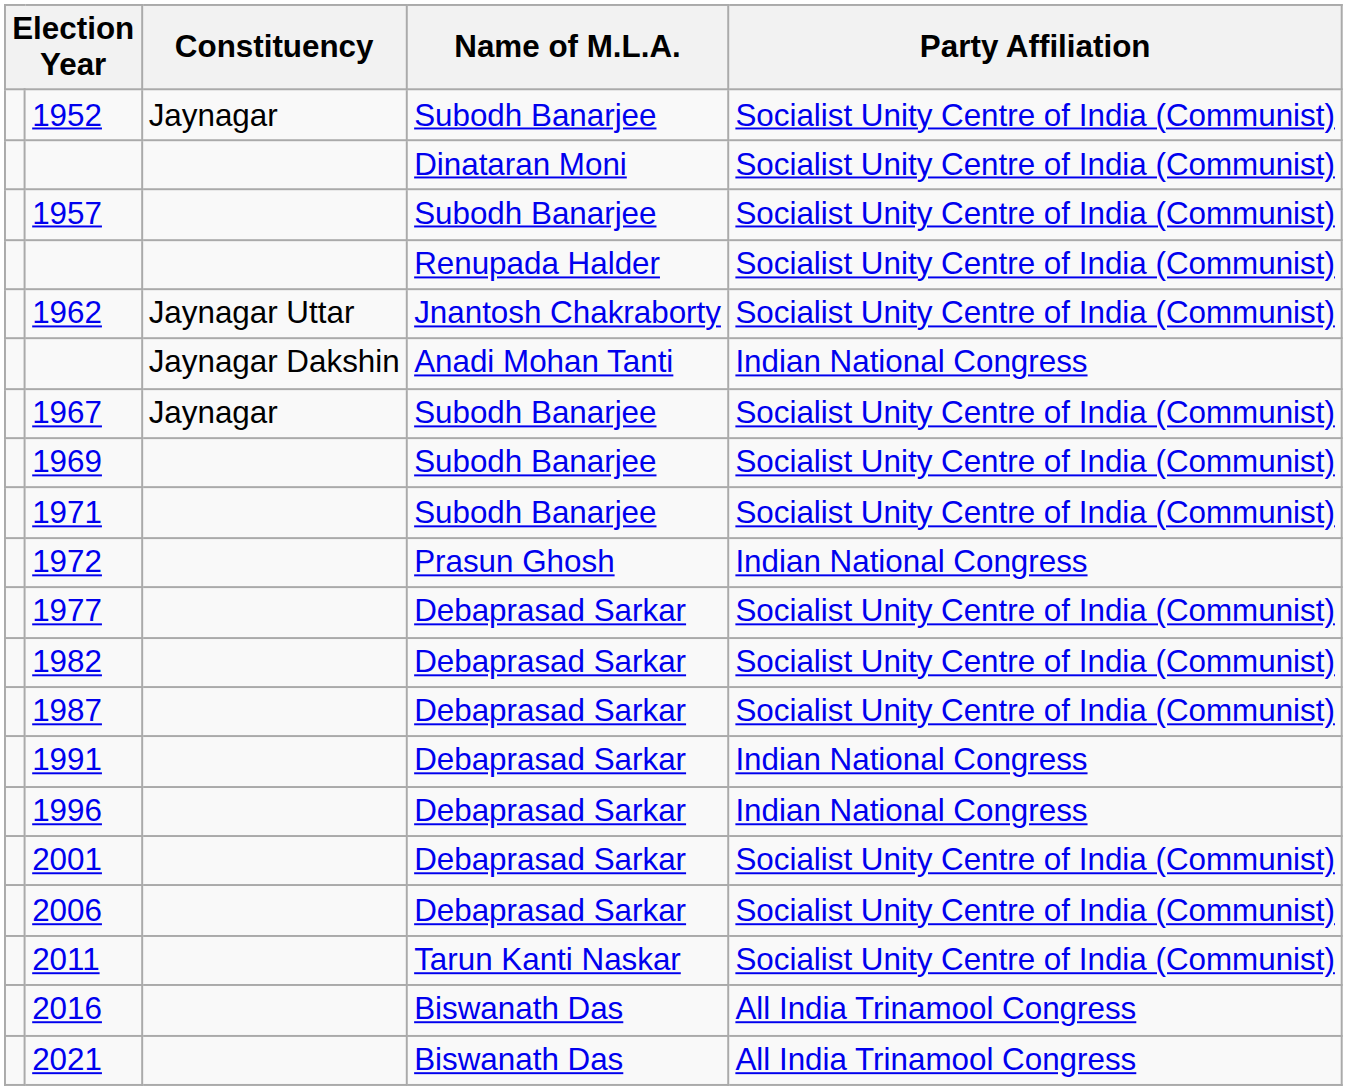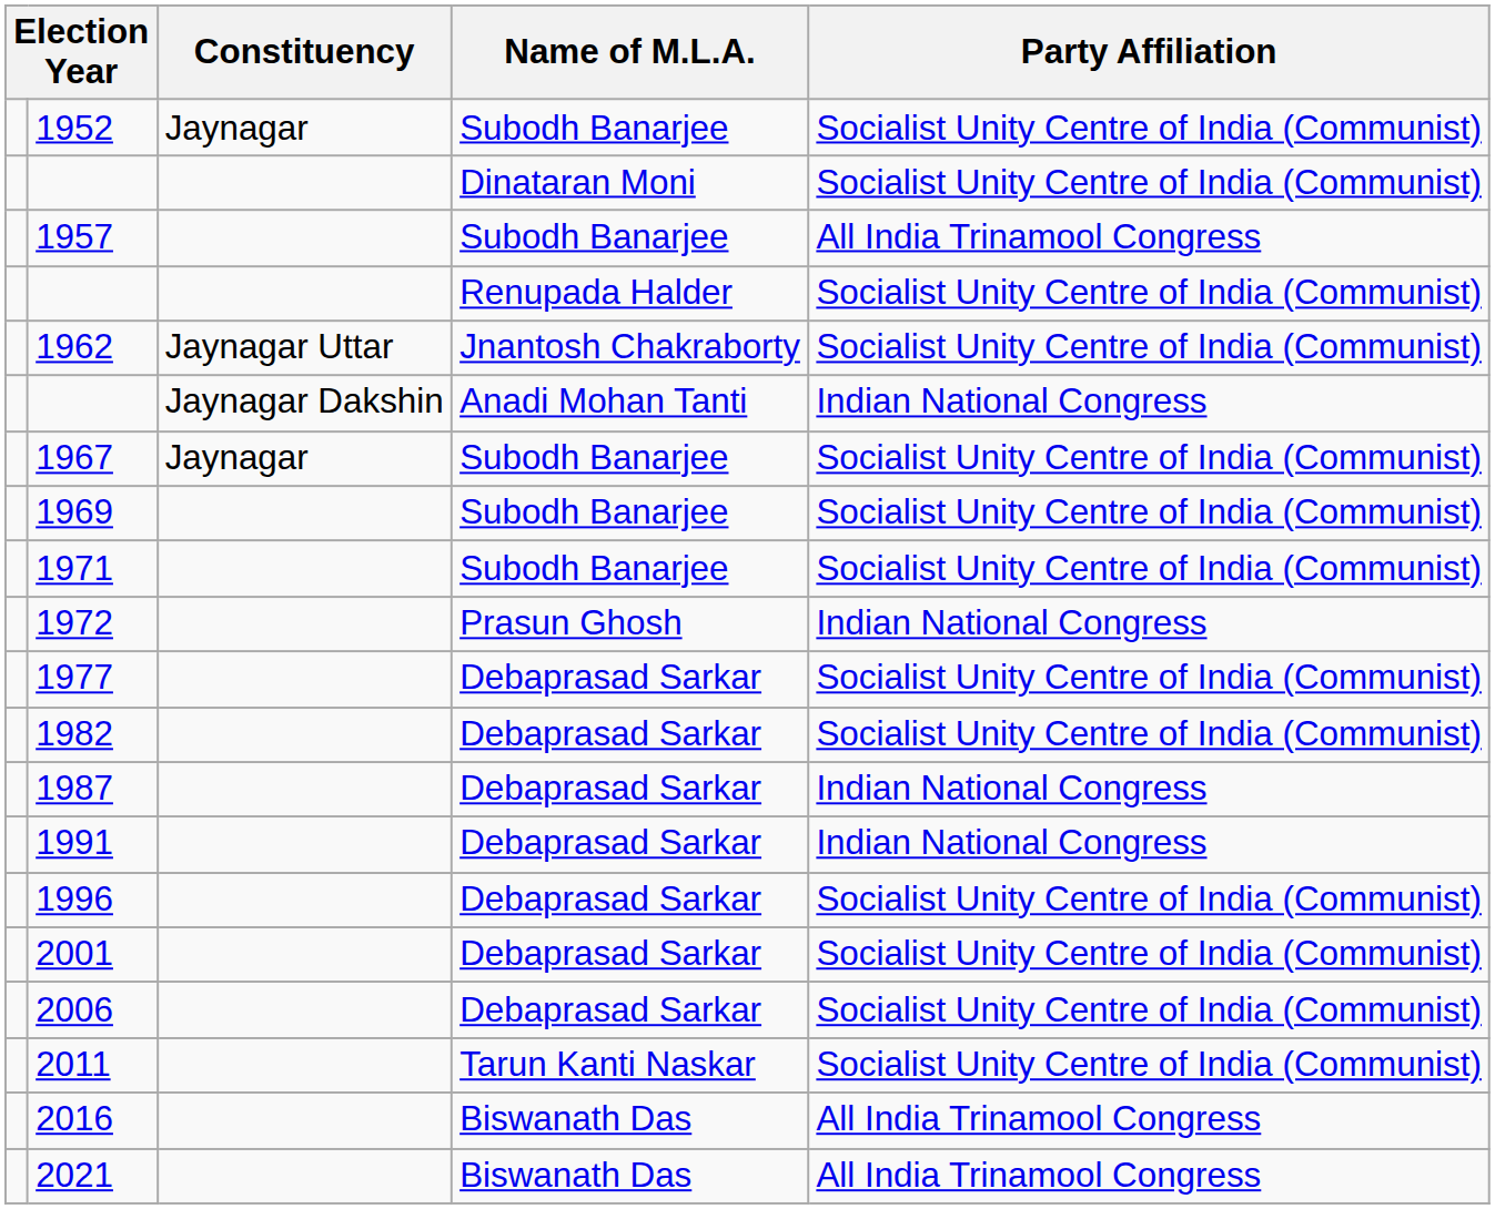 <table class="wikitable sortable">
 <tr>
 <th colspan="2">Election<br>Year</th>
 <th>Constituency</th>
 <th>Name of M.L.A.</th>
 <th>Party Affiliation</th>
 </tr>
 <tr>
 <td style="background-color: "></td>
 <td><a href='#'>1952</a></td>
 <td>Jaynagar</td>
 <td><a href='#'>Subodh Banarjee</a></td>
 <td><a href='#'>Socialist Unity Centre of India (Communist)</a></td>
 </tr>
 <tr>
 <td style="background-color: "></td>
 <td></td>
 <td></td>
 <td><a href='#'>Dinataran Moni</a></td>
 <td><a href='#'>Socialist Unity Centre of India (Communist)</a></td>
 </tr>
 <tr>
 <td style="background-color: "></td>
 <td><a href='#'>1957</a></td>
 <td></td>
 <td><a href='#'>Subodh Banarjee</a></td>
-<td><a href='#'>Socialist Unity Centre of India (Communist)</a></td>
+<td><a href='#'>All India Trinamool Congress</a></td>
 </tr>
 <tr>
 <td style="background-color: "></td>
 <td></td>
 <td></td>
 <td><a href='#'>Renupada Halder</a></td>
 <td><a href='#'>Socialist Unity Centre of India (Communist)</a></td>
 </tr>
 <tr>
 <td style="background-color: "></td>
 <td><a href='#'>1962</a></td>
 <td>Jaynagar Uttar</td>
 <td><a href='#'>Jnantosh Chakraborty</a></td>
 <td><a href='#'>Socialist Unity Centre of India (Communist)</a></td>
 </tr>
 <tr>
 <td style="background-color: "></td>
 <td></td>
 <td>Jaynagar Dakshin</td>
 <td><a href='#'>Anadi Mohan Tanti</a></td>
 <td><a href='#'>Indian National Congress</a></td>
 </tr>
 <tr>
 <td style="background-color: "></td>
 <td><a href='#'>1967</a></td>
 <td>Jaynagar</td>
 <td><a href='#'>Subodh Banarjee</a></td>
 <td><a href='#'>Socialist Unity Centre of India (Communist)</a></td>
 </tr>
 <tr>
 <td style="background-color: "></td>
 <td><a href='#'>1969</a></td>
 <td></td>
 <td><a href='#'>Subodh Banarjee</a></td>
 <td><a href='#'>Socialist Unity Centre of India (Communist)</a></td>
 </tr>
 <tr>
 <td style="background-color: "></td>
 <td><a href='#'>1971</a></td>
 <td></td>
 <td><a href='#'>Subodh Banarjee</a></td>
 <td><a href='#'>Socialist Unity Centre of India (Communist)</a></td>
 </tr>
 <tr>
 <td style="background-color: "></td>
 <td><a href='#'>1972</a></td>
 <td></td>
 <td><a href='#'>Prasun Ghosh</a></td>
 <td><a href='#'>Indian National Congress</a></td>
 </tr>
 <tr>
 <td style="background-color: "></td>
 <td><a href='#'>1977</a></td>
 <td></td>
 <td><a href='#'>Debaprasad Sarkar</a></td>
 <td><a href='#'>Socialist Unity Centre of India (Communist)</a></td>
 </tr>
 <tr>
 <td style="background-color: "></td>
 <td><a href='#'>1982</a></td>
 <td></td>
 <td><a href='#'>Debaprasad Sarkar</a></td>
 <td><a href='#'>Socialist Unity Centre of India (Communist)</a></td>
 </tr>
 <tr>
 <td style="background-color: "></td>
 <td><a href='#'>1987</a></td>
 <td></td>
 <td><a href='#'>Debaprasad Sarkar</a></td>
-<td><a href='#'>Socialist Unity Centre of India (Communist)</a></td>
+<td><a href='#'>Indian National Congress</a></td>
 </tr>
 <tr>
 <td style="background-color: "></td>
 <td><a href='#'>1991</a></td>
 <td></td>
 <td><a href='#'>Debaprasad Sarkar</a></td>
 <td><a href='#'>Indian National Congress</a></td>
 </tr>
 <tr>
 <td style="background-color: "></td>
 <td><a href='#'>1996</a></td>
 <td></td>
 <td><a href='#'>Debaprasad Sarkar</a></td>
-<td><a href='#'>Indian National Congress</a></td>
+<td><a href='#'>Socialist Unity Centre of India (Communist)</a></td>
 </tr>
 <tr>
 <td style="background-color: "></td>
 <td><a href='#'>2001</a></td>
 <td></td>
 <td><a href='#'>Debaprasad Sarkar</a></td>
 <td><a href='#'>Socialist Unity Centre of India (Communist)</a></td>
 </tr>
 <tr>
 <td style="background-color: "></td>
 <td><a href='#'>2006</a></td>
 <td></td>
 <td><a href='#'>Debaprasad Sarkar</a></td>
 <td><a href='#'>Socialist Unity Centre of India (Communist)</a></td>
 </tr>
 <tr>
 <td style="background-color: "></td>
 <td><a href='#'>2011</a></td>
 <td></td>
 <td><a href='#'>Tarun Kanti Naskar</a></td>
 <td><a href='#'>Socialist Unity Centre of India (Communist)</a></td>
 </tr>
 <tr>
 <td style="background-color: "></td>
 <td><a href='#'>2016</a></td>
 <td></td>
 <td><a href='#'>Biswanath Das</a></td>
 <td><a href='#'>All India Trinamool Congress</a></td>
 </tr>
 <tr>
 <td style="background-color: "></td>
 <td><a href='#'>2021</a></td>
 <td></td>
 <td><a href='#'>Biswanath Das</a></td>
 <td><a href='#'>All India Trinamool Congress</a></td>
 </tr>
 </table>
